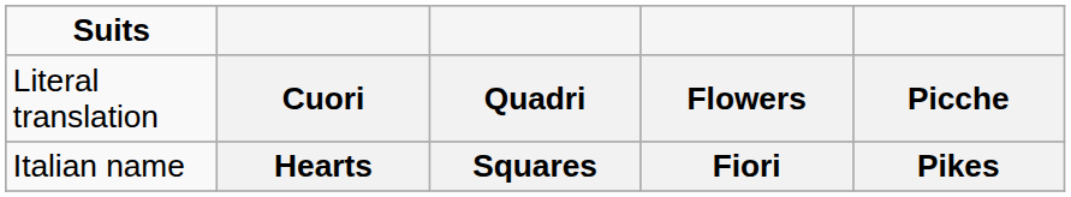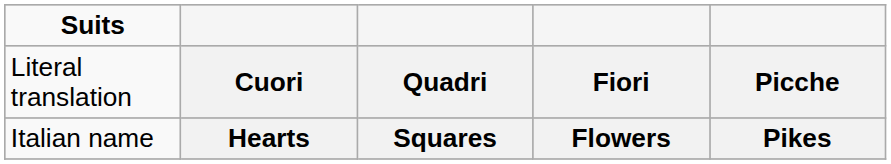 <table class="wikitable" style="text-align:center;">
 <tr>
 <td width="100px"><strong>Suits</strong></td>
 <td width="100px" bgcolor="whitesmoke"></td>
 <td width="100px" bgcolor="whitesmoke"></td>
 <td width="100px" bgcolor="whitesmoke"></td>
 <td width="100px" bgcolor="whitesmoke"></td>
 </tr>
 <tr>
 <td align="left">Literal translation</td>
 <th align="center">Cuori</th>
 <th align="center">Quadri</th>
-<th align="center">Flowers</th>
+<th align="center">Fiori</th>
 <th align="center">Picche</th>
 </tr>
 <tr>
 <td align="left">Italian name</td>
 <th align="center">Hearts</th>
 <th align="center">Squares</th>
-<th align="center">Fiori</th>
+<th align="center">Flowers</th>
 <th align="center">Pikes</th>
 </tr>
 </table>
